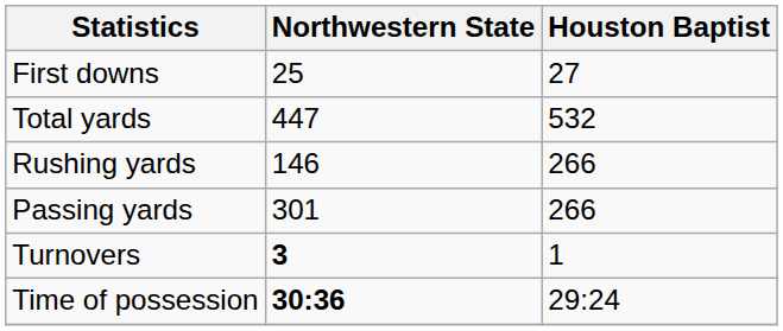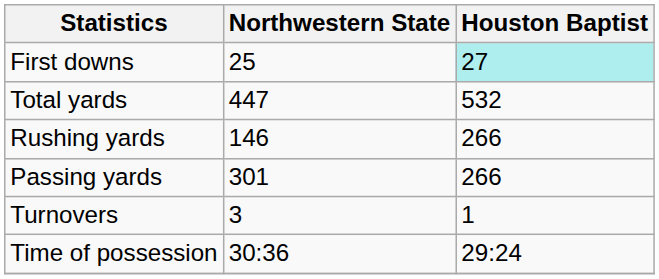 <table class="wikitable">
 <tr>
 <th>Statistics</th>
 <th>Northwestern State</th>
 <th>Houston Baptist</th>
 </tr>
 <tr>
 <td>First downs</td>
 <td>25</td>
-<td>27</td>
+<td style="background: paleturquoise;">27</td>
 </tr>
 <tr>
 <td>Total yards</td>
 <td>447</td>
 <td>532</td>
 </tr>
 <tr>
 <td>Rushing yards</td>
 <td>146</td>
 <td>266</td>
 </tr>
 <tr>
 <td>Passing yards</td>
 <td>301</td>
 <td>266</td>
 </tr>
 <tr>
 <td>Turnovers</td>
-<td><strong>3</strong></td>
+<td>3</td>
 <td>1</td>
 </tr>
 <tr>
 <td>Time of possession</td>
-<td><strong>30:36</strong></td>
+<td>30:36</td>
 <td>29:24</td>
 </tr>
 <tr>
 </tr>
 </table>
